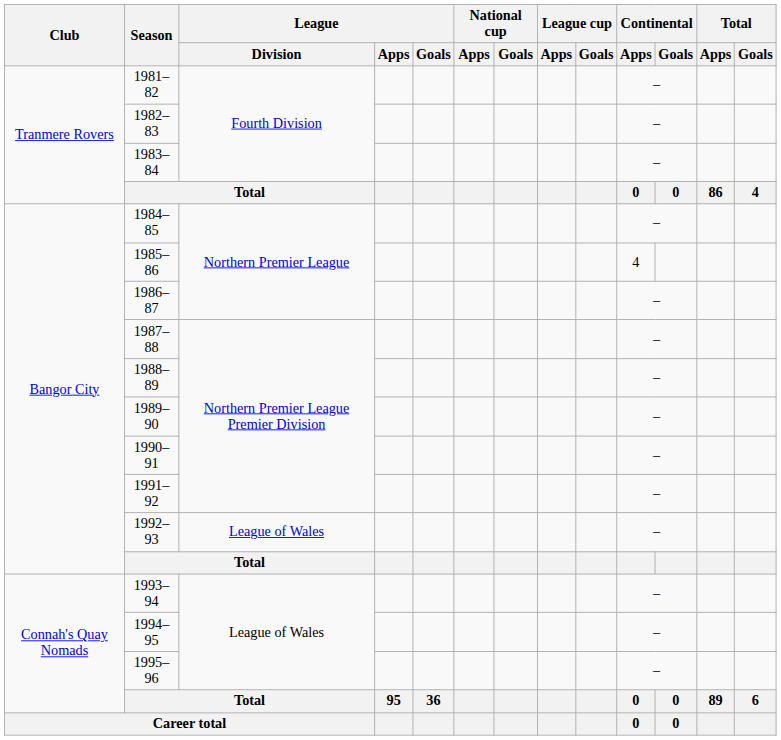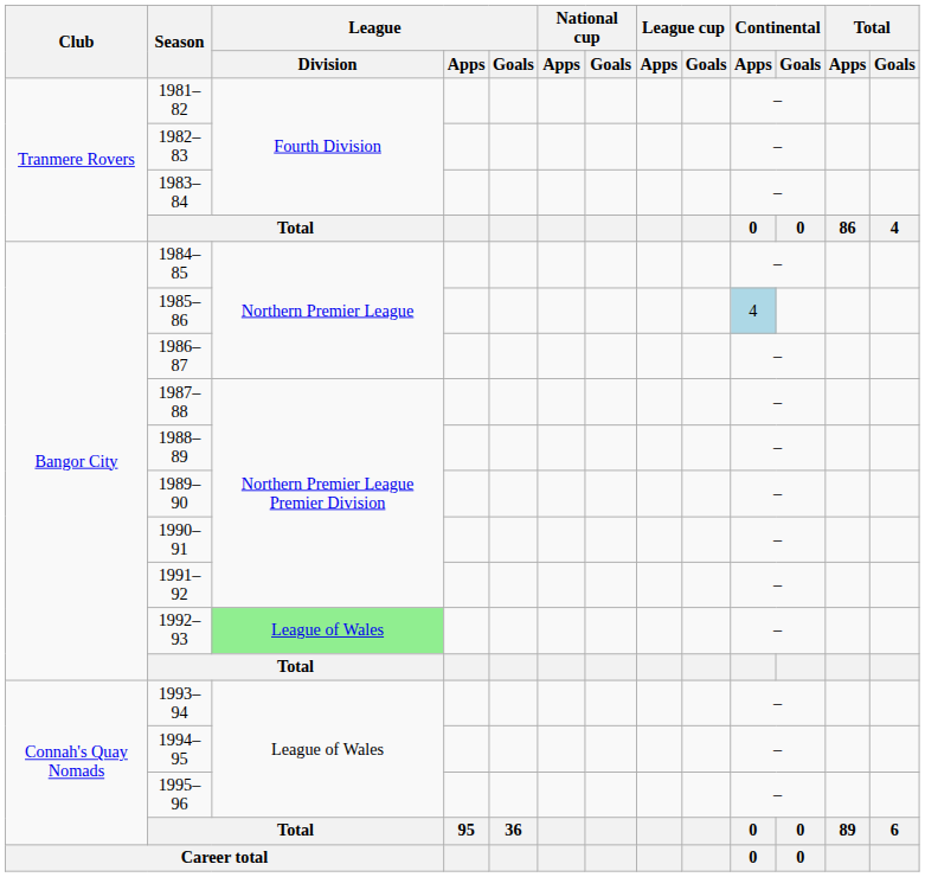 <table class="wikitable" style="text-align:center">
 <tr>
 <th rowspan="2">Club</th>
 <th rowspan="2">Season</th>
 <th colspan="3">League</th>
 <th colspan="2">National cup</th>
 <th colspan="2">League cup</th>
 <th colspan="2">Continental</th>
 <th colspan="2">Total</th>
 </tr>
 <tr>
 <th>Division</th>
 <th>Apps</th>
 <th>Goals</th>
 <th>Apps</th>
 <th>Goals</th>
 <th>Apps</th>
 <th>Goals</th>
 <th>Apps</th>
 <th>Goals</th>
 <th>Apps</th>
 <th>Goals</th>
 </tr>
 <tr>
 <td rowspan="4"><a href='#'>Tranmere Rovers</a></td>
 <td>1981–82</td>
 <td rowspan="3"><a href='#'>Fourth Division</a></td>
 <td></td>
 <td></td>
 <td></td>
 <td></td>
 <td></td>
 <td></td>
 <td colspan="2">–</td>
 <td></td>
 <td></td>
 </tr>
 <tr>
 <td>1982–83</td>
 <td></td>
 <td></td>
 <td></td>
 <td></td>
 <td></td>
 <td></td>
 <td colspan="2">–</td>
 <td></td>
 <td></td>
 </tr>
 <tr>
 <td>1983–84</td>
 <td></td>
 <td></td>
 <td></td>
 <td></td>
 <td></td>
 <td></td>
 <td colspan="2">–</td>
 <td></td>
 <td></td>
 </tr>
 <tr>
 <th colspan="2">Total</th>
 <th></th>
 <th></th>
 <th></th>
 <th></th>
 <th></th>
 <th></th>
 <th>0</th>
 <th>0</th>
 <th>86</th>
 <th>4</th>
 </tr>
 <tr>
 <td rowspan="10"><a href='#'>Bangor City</a></td>
 <td>1984–85</td>
 <td rowspan="3"><a href='#'>Northern Premier League</a></td>
 <td></td>
 <td></td>
 <td></td>
 <td></td>
 <td></td>
 <td></td>
 <td colspan="2">–</td>
 <td></td>
 <td></td>
 </tr>
 <tr>
 <td>1985–86</td>
 <td></td>
 <td></td>
 <td></td>
 <td></td>
 <td></td>
 <td></td>
-<td>4</td>
+<td style="background: lightblue;">4</td>
 <td></td>
 <td></td>
 <td></td>
 </tr>
 <tr>
 <td>1986–87</td>
 <td></td>
 <td></td>
 <td></td>
 <td></td>
 <td></td>
 <td></td>
 <td colspan="2">–</td>
 <td></td>
 <td></td>
 </tr>
 <tr>
 <td>1987–88</td>
 <td rowspan="5"><a href='#'>Northern Premier League Premier Division</a></td>
 <td></td>
 <td></td>
 <td></td>
 <td></td>
 <td></td>
 <td></td>
 <td colspan="2">–</td>
 <td></td>
 <td></td>
 </tr>
 <tr>
 <td>1988–89</td>
 <td></td>
 <td></td>
 <td></td>
 <td></td>
 <td></td>
 <td></td>
 <td colspan="2">–</td>
 <td></td>
 <td></td>
 </tr>
 <tr>
 <td>1989–90</td>
 <td></td>
 <td></td>
 <td></td>
 <td></td>
 <td></td>
 <td></td>
 <td colspan="2">–</td>
 <td></td>
 <td></td>
 </tr>
 <tr>
 <td>1990–91</td>
 <td></td>
 <td></td>
 <td></td>
 <td></td>
 <td></td>
 <td></td>
 <td colspan="2">–</td>
 <td></td>
 <td></td>
 </tr>
 <tr>
 <td>1991–92</td>
 <td></td>
 <td></td>
 <td></td>
 <td></td>
 <td></td>
 <td></td>
 <td colspan="2">–</td>
 <td></td>
 <td></td>
 </tr>
 <tr>
 <td>1992–93</td>
-<td><a href='#'>League of Wales</a></td>
+<td style="background: lightgreen;"><a href='#'>League of Wales</a></td>
 <td></td>
 <td></td>
 <td></td>
 <td></td>
 <td></td>
 <td></td>
 <td colspan="2">–</td>
 <td></td>
 <td></td>
 </tr>
 <tr>
 <th colspan="2">Total</th>
 <th></th>
 <th></th>
 <th></th>
 <th></th>
 <th></th>
 <th></th>
 <th></th>
 <th></th>
 <th></th>
 <th></th>
 </tr>
 <tr>
 <td rowspan="4"><a href='#'>Connah's Quay Nomads</a></td>
 <td>1993–94</td>
 <td rowspan="3">League of Wales</td>
 <td></td>
 <td></td>
 <td></td>
 <td></td>
 <td></td>
 <td></td>
 <td colspan="2">–</td>
 <td></td>
 <td></td>
 </tr>
 <tr>
 <td>1994–95</td>
 <td></td>
 <td></td>
 <td></td>
 <td></td>
 <td></td>
 <td></td>
 <td colspan="2">–</td>
 <td></td>
 <td></td>
 </tr>
 <tr>
 <td>1995–96</td>
 <td></td>
 <td></td>
 <td></td>
 <td></td>
 <td></td>
 <td></td>
 <td colspan="2">–</td>
 <td></td>
 <td></td>
 </tr>
 <tr>
 <th colspan="2">Total</th>
 <th>95</th>
 <th>36</th>
 <th></th>
 <th></th>
 <th></th>
 <th></th>
 <th>0</th>
 <th>0</th>
 <th>89</th>
 <th>6</th>
 </tr>
 <tr>
 <th colspan="3">Career total</th>
 <th></th>
 <th></th>
 <th></th>
 <th></th>
 <th></th>
 <th></th>
 <th>0</th>
 <th>0</th>
 <th></th>
 <th></th>
 </tr>
 </table>
